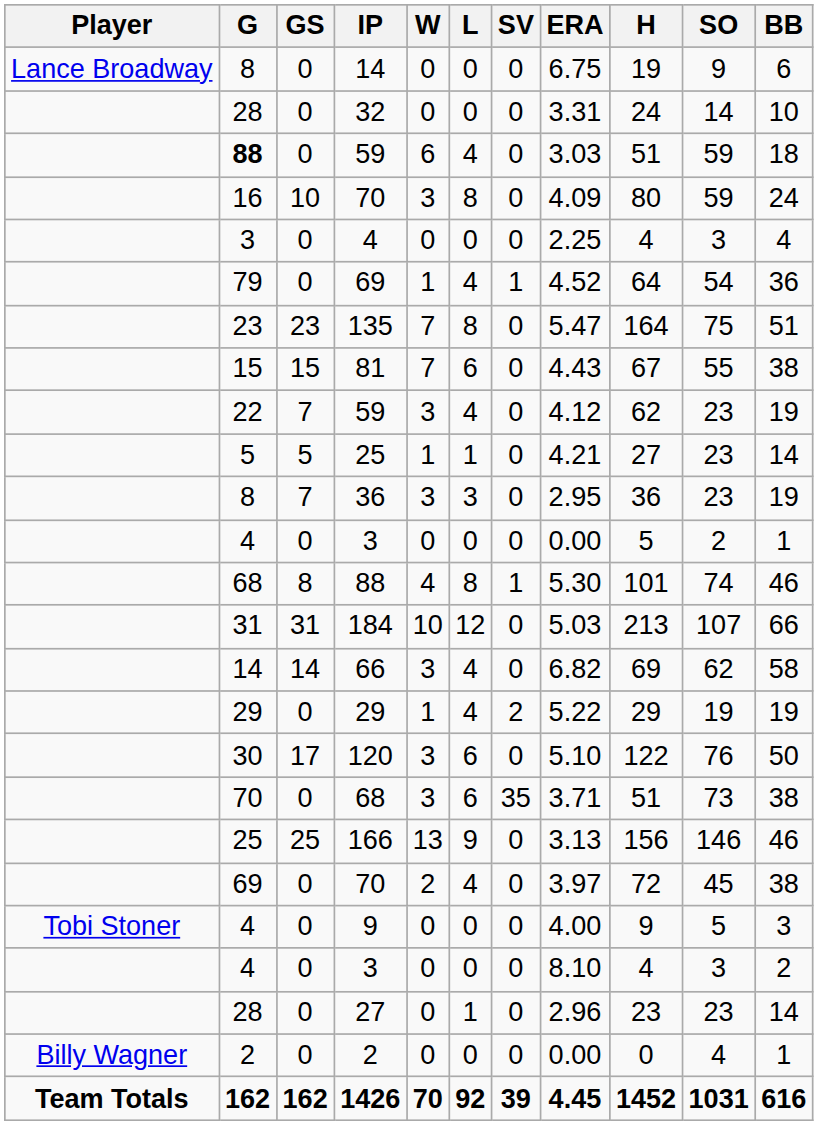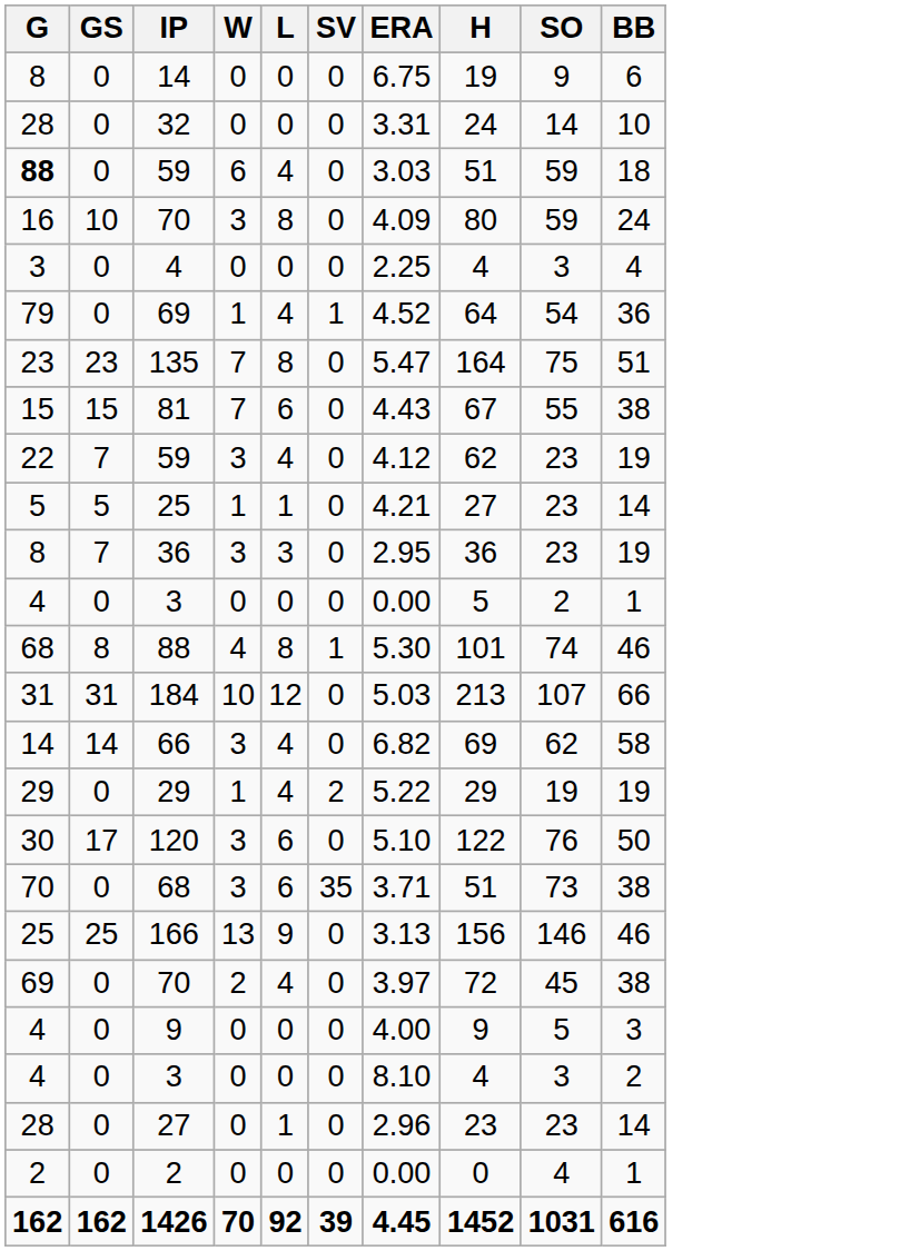 <table class="wikitable sortable">
 <tr>
-<th>Player</th>
 <th>G</th>
 <th>GS</th>
 <th>IP</th>
 <th>W</th>
 <th>L</th>
 <th>SV</th>
 <th>ERA</th>
 <th>H</th>
 <th>SO</th>
 <th>BB</th>
 </tr>
 <tr align="center">
-<td><a href='#'>Lance Broadway</a></td>
 <td>8</td>
 <td>0</td>
 <td>14 </td>
 <td>0</td>
 <td>0</td>
 <td>0</td>
 <td>6.75</td>
 <td>19</td>
 <td>9</td>
 <td>6</td>
 </tr>
 <tr align=center>
-<td></td>
 <td>28</td>
 <td>0</td>
 <td>32 </td>
 <td>0</td>
 <td>0</td>
 <td>0</td>
 <td>3.31</td>
 <td>24</td>
 <td>14</td>
 <td>10</td>
 </tr>
 <tr align="center">
-<td></td>
 <td><strong>88</strong></td>
 <td>0</td>
 <td>59 </td>
 <td>6</td>
 <td>4</td>
 <td>0</td>
 <td>3.03</td>
 <td>51</td>
 <td>59</td>
 <td>18</td>
 </tr>
 <tr align="center">
-<td></td>
 <td>16</td>
 <td>10</td>
 <td>70 </td>
 <td>3</td>
 <td>8</td>
 <td>0</td>
 <td>4.09</td>
 <td>80</td>
 <td>59</td>
 <td>24</td>
 </tr>
 <tr align="center">
-<td></td>
 <td>3</td>
 <td>0</td>
 <td>4</td>
 <td>0</td>
 <td>0</td>
 <td>0</td>
 <td>2.25</td>
 <td>4</td>
 <td>3</td>
 <td>4</td>
 </tr>
 <tr align="center">
-<td></td>
 <td>79</td>
 <td>0</td>
 <td>69 </td>
 <td>1</td>
 <td>4</td>
 <td>1</td>
 <td>4.52</td>
 <td>64</td>
 <td>54</td>
 <td>36</td>
 </tr>
 <tr align="center">
-<td></td>
 <td>23</td>
 <td>23</td>
 <td>135</td>
 <td>7</td>
 <td>8</td>
 <td>0</td>
 <td>5.47</td>
 <td>164</td>
 <td>75</td>
 <td>51</td>
 </tr>
 <tr align="center">
-<td></td>
 <td>15</td>
 <td>15</td>
 <td>81 </td>
 <td>7</td>
 <td>6</td>
 <td>0</td>
 <td>4.43</td>
 <td>67</td>
 <td>55</td>
 <td>38</td>
 </tr>
 <tr align="center">
-<td></td>
 <td>22</td>
 <td>7</td>
 <td>59</td>
 <td>3</td>
 <td>4</td>
 <td>0</td>
 <td>4.12</td>
 <td>62</td>
 <td>23</td>
 <td>19</td>
 </tr>
 <tr align="center">
-<td></td>
 <td>5</td>
 <td>5</td>
 <td>25 </td>
 <td>1</td>
 <td>1</td>
 <td>0</td>
 <td>4.21</td>
 <td>27</td>
 <td>23</td>
 <td>14</td>
 </tr>
 <tr align="center">
-<td></td>
 <td>8</td>
 <td>7</td>
 <td>36 </td>
 <td>3</td>
 <td>3</td>
 <td>0</td>
 <td>2.95</td>
 <td>36</td>
 <td>23</td>
 <td>19</td>
 </tr>
 <tr align="center">
-<td></td>
 <td>4</td>
 <td>0</td>
 <td>3</td>
 <td>0</td>
 <td>0</td>
 <td>0</td>
 <td>0.00</td>
 <td>5</td>
 <td>2</td>
 <td>1</td>
 </tr>
 <tr align="center">
-<td></td>
 <td>68</td>
 <td>8</td>
 <td>88 </td>
 <td>4</td>
 <td>8</td>
 <td>1</td>
 <td>5.30</td>
 <td>101</td>
 <td>74</td>
 <td>46</td>
 </tr>
 <tr align="center">
-<td></td>
 <td>31</td>
 <td>31</td>
 <td>184 </td>
 <td>10</td>
 <td>12</td>
 <td>0</td>
 <td>5.03</td>
 <td>213</td>
 <td>107</td>
 <td>66</td>
 </tr>
 <tr align="center">
-<td></td>
 <td>14</td>
 <td>14</td>
 <td>66</td>
 <td>3</td>
 <td>4</td>
 <td>0</td>
 <td>6.82</td>
 <td>69</td>
 <td>62</td>
 <td>58</td>
 </tr>
 <tr align="center">
-<td></td>
 <td>29</td>
 <td>0</td>
 <td>29 </td>
 <td>1</td>
 <td>4</td>
 <td>2</td>
 <td>5.22</td>
 <td>29</td>
 <td>19</td>
 <td>19</td>
 </tr>
 <tr align="center">
-<td></td>
 <td>30</td>
 <td>17</td>
 <td>120</td>
 <td>3</td>
 <td>6</td>
 <td>0</td>
 <td>5.10</td>
 <td>122</td>
 <td>76</td>
 <td>50</td>
 </tr>
 <tr align="center">
-<td></td>
 <td>70</td>
 <td>0</td>
 <td>68</td>
 <td>3</td>
 <td>6</td>
 <td>35</td>
 <td>3.71</td>
 <td>51</td>
 <td>73</td>
 <td>38</td>
 </tr>
 <tr align="center">
-<td></td>
 <td>25</td>
 <td>25</td>
 <td>166 </td>
 <td>13</td>
 <td>9</td>
 <td>0</td>
 <td>3.13</td>
 <td>156</td>
 <td>146</td>
 <td>46</td>
 </tr>
 <tr align="center">
-<td></td>
 <td>69</td>
 <td>0</td>
 <td>70 </td>
 <td>2</td>
 <td>4</td>
 <td>0</td>
 <td>3.97</td>
 <td>72</td>
 <td>45</td>
 <td>38</td>
 </tr>
 <tr align="center">
-<td><a href='#'>Tobi Stoner</a></td>
 <td>4</td>
 <td>0</td>
 <td>9</td>
 <td>0</td>
 <td>0</td>
 <td>0</td>
 <td>4.00</td>
 <td>9</td>
 <td>5</td>
 <td>3</td>
 </tr>
 <tr align=center>
-<td></td>
 <td>4</td>
 <td>0</td>
 <td>3 </td>
 <td>0</td>
 <td>0</td>
 <td>0</td>
 <td>8.10</td>
 <td>4</td>
 <td>3</td>
 <td>2</td>
 </tr>
 <tr align="center">
-<td></td>
 <td>28</td>
 <td>0</td>
 <td>27 </td>
 <td>0</td>
 <td>1</td>
 <td>0</td>
 <td>2.96</td>
 <td>23</td>
 <td>23</td>
 <td>14</td>
 </tr>
 <tr align=center>
-<td><a href='#'>Billy Wagner</a></td>
 <td>2</td>
 <td>0</td>
 <td>2</td>
 <td>0</td>
 <td>0</td>
 <td>0</td>
 <td>0.00</td>
 <td>0</td>
 <td>4</td>
 <td>1</td>
 </tr>
 <tr align=center>
-<td><strong>Team Totals</strong></td>
 <td><strong>162</strong></td>
 <td><strong>162</strong></td>
 <td><strong>1426</strong></td>
 <td><strong>70</strong></td>
 <td><strong>92</strong></td>
 <td><strong>39</strong></td>
 <td><strong>4.45</strong></td>
 <td><strong>1452</strong></td>
 <td><strong>1031</strong></td>
 <td><strong>616</strong></td>
 </tr>
 </table>
